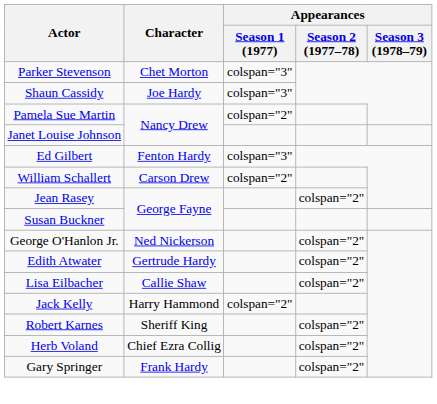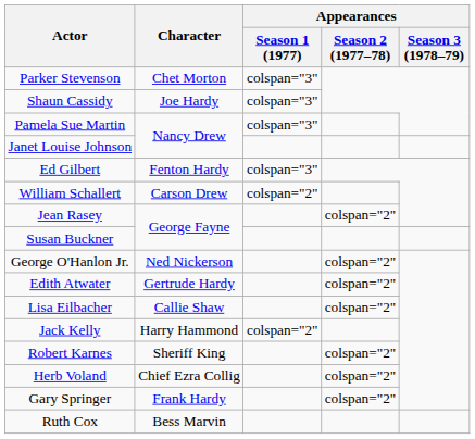 <table class="wikitable plainrowheaders" style="text-align:center;">
 <tr>
 <th scope="col" rowspan="2">Actor</th>
 <th scope="col" rowspan="2">Character</th>
 <th scope="col" colspan="3">Appearances</th>
 </tr>
 <tr>
 <th scope="col" style="width:70px;"><a href='#'>Season 1</a><br>(1977)</th>
 <th scope="col" style="width:70px;"><a href='#'>Season 2</a><br>(1977–78)</th>
 <th scope="col" style="width:70px;"><a href='#'>Season 3</a><br>(1978–79)</th>
 </tr>
 <tr>
 <td><a href='#'>Parker Stevenson</a></td>
 <td><a href='#'>Chet Morton</a></td>
 <td>colspan="3" </td>
 </tr>
 <tr>
 <td><a href='#'>Shaun Cassidy</a></td>
 <td><a href='#'>Joe Hardy</a></td>
 <td>colspan="3" </td>
 </tr>
 <tr>
 <td><a href='#'>Pamela Sue Martin</a></td>
 <td rowspan="2"><a href='#'>Nancy Drew</a></td>
-<td>colspan="2" </td>
+<td>colspan="3" </td>
 <td></td>
 </tr>
 <tr>
 <td><a href='#'>Janet Louise Johnson</a></td>
 <td></td>
 <td></td>
 <td></td>
 </tr>
 <tr>
 <td><a href='#'>Ed Gilbert</a></td>
 <td><a href='#'>Fenton Hardy</a></td>
 <td>colspan="3" </td>
 </tr>
 <tr>
 <td><a href='#'>William Schallert</a></td>
 <td><a href='#'>Carson Drew</a></td>
 <td>colspan="2" </td>
 <td></td>
 </tr>
 <tr>
 <td><a href='#'>Jean Rasey</a></td>
 <td rowspan="2"><a href='#'>George Fayne</a></td>
 <td></td>
 <td>colspan="2" </td>
 </tr>
 <tr>
 <td><a href='#'>Susan Buckner</a></td>
 <td></td>
 <td></td>
 <td></td>
 </tr>
 <tr>
 <td>George O'Hanlon Jr.</td>
 <td><a href='#'>Ned Nickerson</a></td>
 <td></td>
 <td>colspan="2" </td>
 </tr>
 <tr>
 <td><a href='#'>Edith Atwater</a></td>
 <td><a href='#'>Gertrude Hardy</a></td>
 <td></td>
 <td>colspan="2" </td>
 </tr>
 <tr>
 <td><a href='#'>Lisa Eilbacher</a></td>
 <td><a href='#'>Callie Shaw</a></td>
 <td></td>
 <td>colspan="2" </td>
 </tr>
 <tr>
 <td><a href='#'>Jack Kelly</a></td>
 <td>Harry Hammond</td>
 <td>colspan="2" </td>
 <td></td>
 </tr>
 <tr>
 <td><a href='#'>Robert Karnes</a></td>
 <td>Sheriff King</td>
 <td></td>
 <td>colspan="2" </td>
 </tr>
 <tr>
 <td><a href='#'>Herb Voland</a></td>
 <td>Chief Ezra Collig</td>
 <td></td>
 <td>colspan="2" </td>
 </tr>
 <tr>
 <td>Gary Springer</td>
 <td><a href='#'>Frank Hardy</a></td>
 <td></td>
 <td>colspan="2" </td>
 </tr>
+<tr>
+<td>Ruth Cox</td>
+<td>Bess Marvin</td>
+<td></td>
+<td></td>
+<td></td>
+</tr>
 </table>
